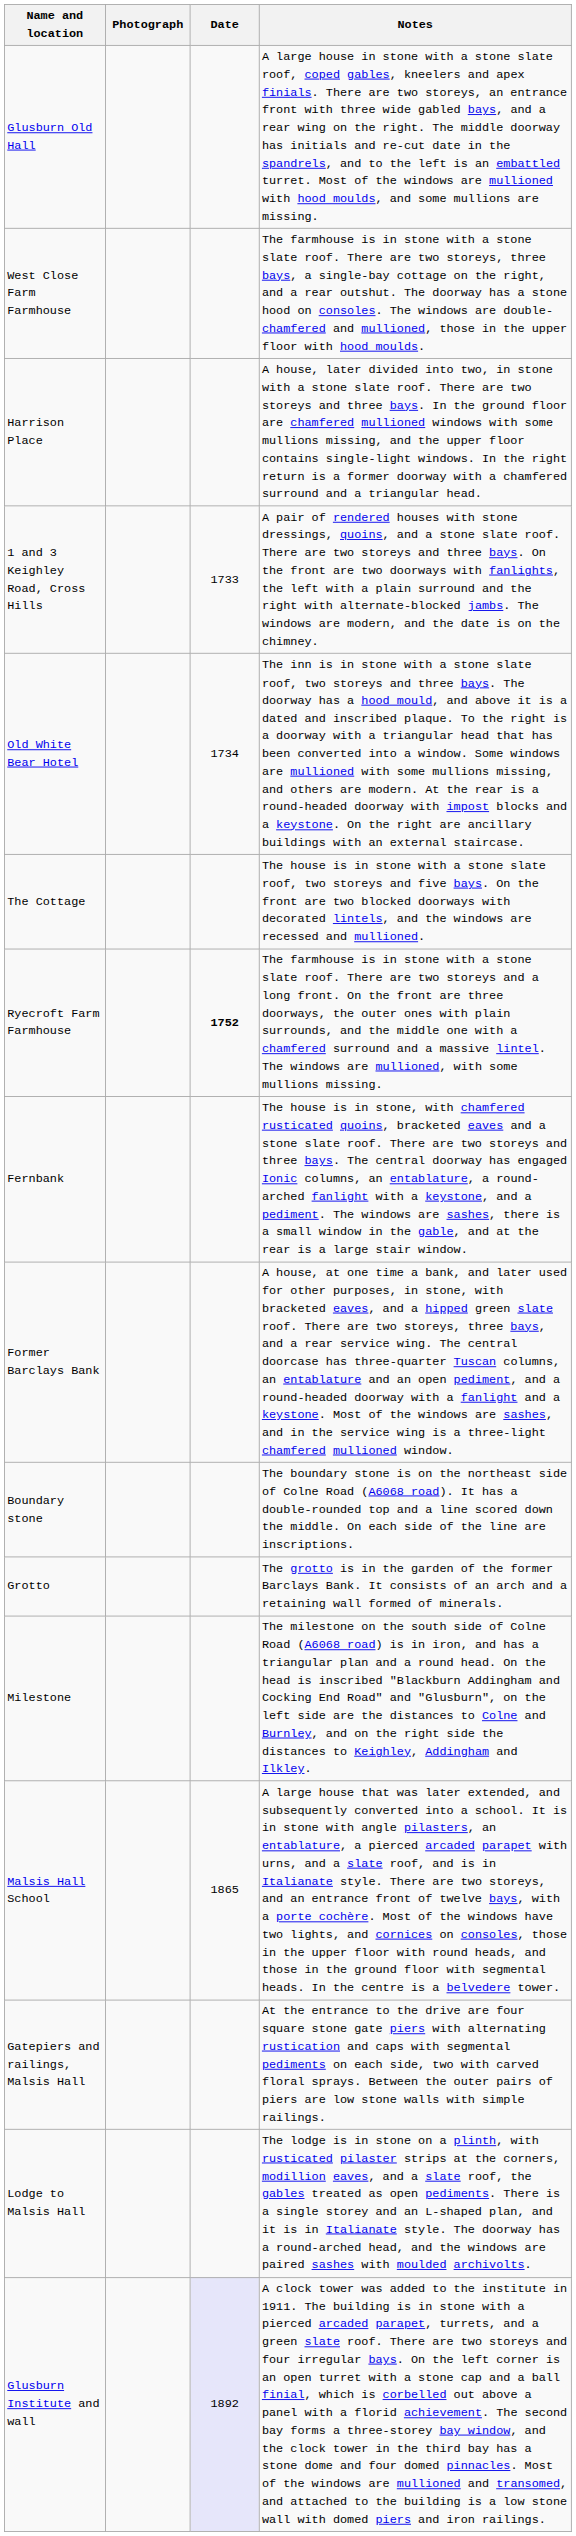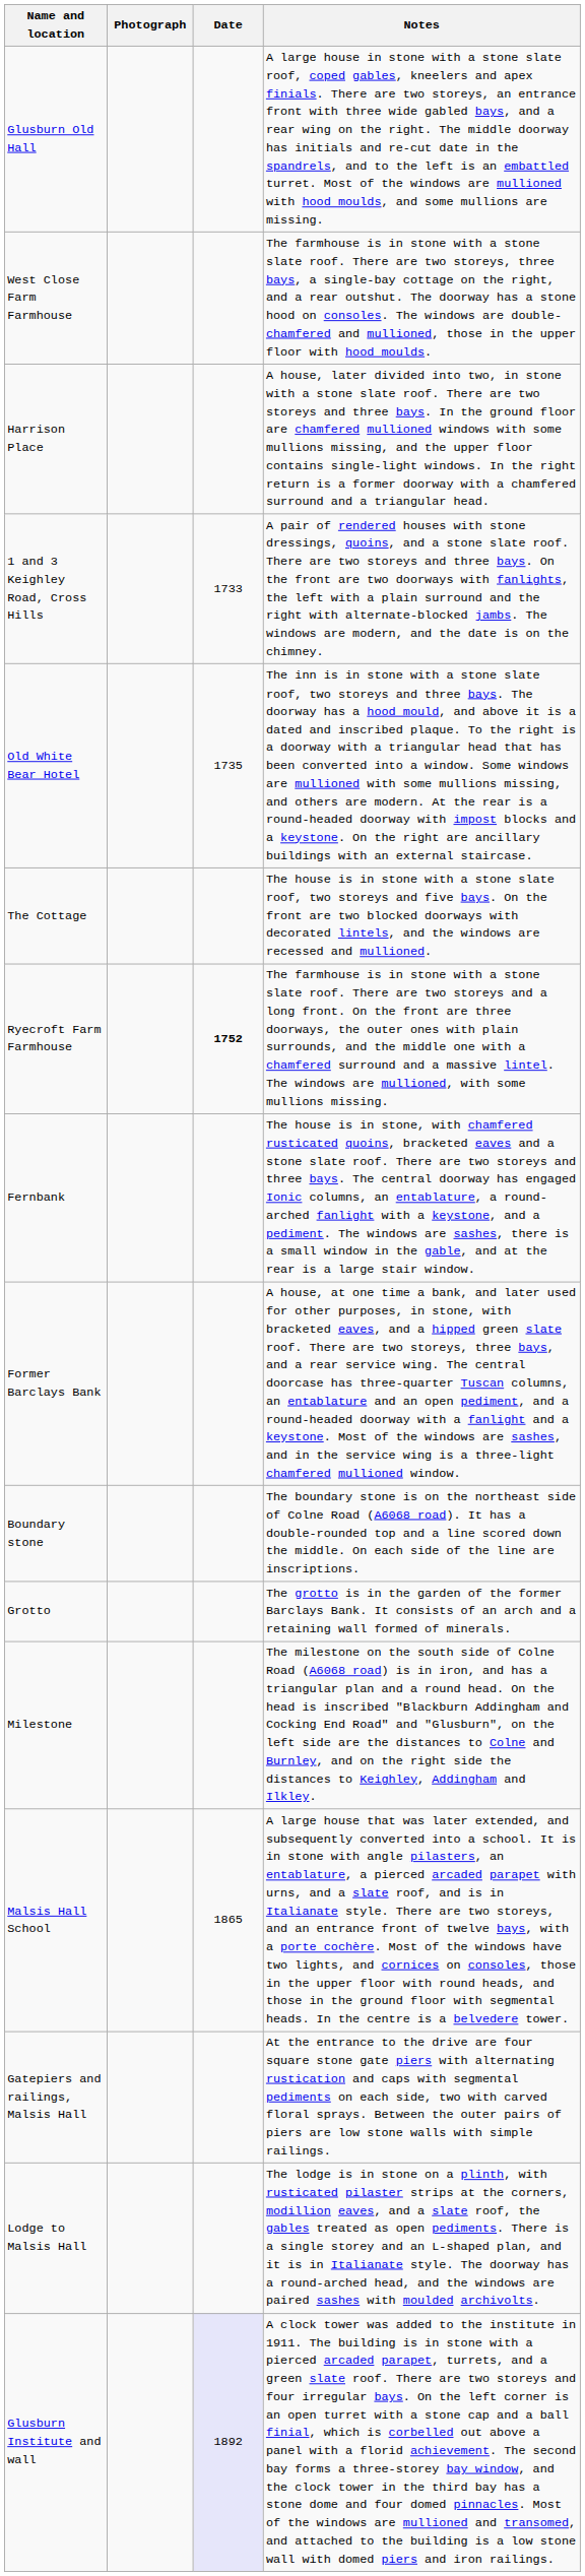 <table class="wikitable sortable plainrowheaders" style="width:100%;border:0px;text-align:left;line-height:150%;">
 <tr>
 <th scope="col"  style="width:150px">Name and location</th>
 <th scope="col"  style="width:100px" class="unsortable">Photograph</th>
 <th scope="col"  style="width:120px">Date</th>
 <th scope="col"  style="width:650px" class="unsortable">Notes</th>
 </tr>
 <tr>
 <td><a href='#'>Glusburn Old Hall</a><br><small></small></td>
 <td></td>
 <td align="center"></td>
 <td>A large house in stone with a stone slate roof, <a href='#'>coped</a> <a href='#'>gables</a>, kneelers and apex <a href='#'>finials</a>.  There are two storeys, an entrance front with three wide gabled <a href='#'>bays</a>, and a rear wing on the right.  The middle doorway has initials and re-cut date in the <a href='#'>spandrels</a>, and to the left is an <a href='#'>embattled</a> turret.  Most of the windows are <a href='#'>mullioned</a> with <a href='#'>hood moulds</a>, and some mullions are missing.</td>
 </tr>
 <tr>
 <td>West Close Farm Farmhouse<br><small></small></td>
 <td></td>
 <td align="center"></td>
 <td>The farmhouse is in stone with a stone slate roof.  There are two storeys, three <a href='#'>bays</a>, a single-bay cottage on the right, and a rear outshut.  The doorway has a stone hood on <a href='#'>consoles</a>.  The windows are double-<a href='#'>chamfered</a> and <a href='#'>mullioned</a>, those in the upper floor with <a href='#'>hood moulds</a>.</td>
 </tr>
 <tr>
 <td>Harrison Place<br><small></small></td>
 <td></td>
 <td align="center"></td>
 <td>A house, later divided into two, in stone with a stone slate roof.  There are two storeys and three <a href='#'>bays</a>.  In the ground floor are <a href='#'>chamfered</a> <a href='#'>mullioned</a> windows with some mullions missing, and the upper floor contains single-light windows.  In the right return is a former doorway with a chamfered surround and a triangular head.</td>
 </tr>
 <tr>
 <td>1 and 3 Keighley Road, Cross Hills<br><small></small></td>
 <td></td>
 <td align="center">1733</td>
 <td>A pair of <a href='#'>rendered</a> houses with stone dressings, <a href='#'>quoins</a>, and a stone slate roof.  There are two storeys and three <a href='#'>bays</a>.  On the front are two doorways with <a href='#'>fanlights</a>, the left with a plain surround and the right with alternate-blocked <a href='#'>jambs</a>.  The windows are modern, and the date is on the chimney.</td>
 </tr>
 <tr>
 <td><a href='#'>Old White Bear Hotel</a><br><small></small></td>
 <td></td>
-<td align="center">1734</td>
+<td align="center">1735</td>
 <td>The inn is in stone with a stone slate roof, two storeys and three <a href='#'>bays</a>.  The doorway has a <a href='#'>hood mould</a>, and above it is a dated and inscribed plaque.  To the right is a doorway with a triangular head that has been converted into a window.  Some windows are <a href='#'>mullioned</a> with some mullions missing, and others are modern.  At the rear is a round-headed doorway with <a href='#'>impost</a> blocks and a <a href='#'>keystone</a>.  On the right are ancillary buildings with an external staircase.</td>
 </tr>
 <tr>
 <td>The Cottage<br><small></small></td>
 <td></td>
 <td align="center"></td>
 <td>The house is in stone with a stone slate roof, two storeys and five <a href='#'>bays</a>.  On the front are two blocked doorways with decorated <a href='#'>lintels</a>, and the windows are recessed and <a href='#'>mullioned</a>.</td>
 </tr>
 <tr>
 <td>Ryecroft Farm Farmhouse<br><small></small></td>
 <td></td>
 <td align="center"><strong>1752</strong></td>
 <td>The farmhouse is in stone with a stone slate roof.  There are two storeys and a long front.  On the front are three doorways, the outer ones with plain surrounds, and the middle one with a <a href='#'>chamfered</a> surround and a massive <a href='#'>lintel</a>.  The windows are <a href='#'>mullioned</a>, with some mullions missing.</td>
 </tr>
 <tr>
 <td>Fernbank<br><small></small></td>
 <td></td>
 <td align="center"></td>
 <td>The house is in stone, with <a href='#'>chamfered</a> <a href='#'>rusticated</a> <a href='#'>quoins</a>, bracketed <a href='#'>eaves</a> and a stone slate roof.  There are two storeys and three <a href='#'>bays</a>.  The central doorway has engaged <a href='#'>Ionic</a> columns, an <a href='#'>entablature</a>, a round-arched <a href='#'>fanlight</a> with a <a href='#'>keystone</a>, and a <a href='#'>pediment</a>.  The windows are <a href='#'>sashes</a>, there is a small window in the <a href='#'>gable</a>, and at the rear is a large stair window.</td>
 </tr>
 <tr>
 <td>Former Barclays Bank<br><small></small></td>
 <td></td>
 <td align="center"></td>
 <td>A house, at one time a bank, and later used for other purposes, in stone, with bracketed <a href='#'>eaves</a>, and a <a href='#'>hipped</a> green <a href='#'>slate</a> roof.  There are two storeys, three <a href='#'>bays</a>, and a rear service wing.  The central doorcase has three-quarter <a href='#'>Tuscan</a> columns, an <a href='#'>entablature</a> and an open <a href='#'>pediment</a>, and a round-headed doorway with a <a href='#'>fanlight</a> and a <a href='#'>keystone</a>.  Most of the windows are <a href='#'>sashes</a>, and in the service wing is a three-light <a href='#'>chamfered</a> <a href='#'>mullioned</a> window.</td>
 </tr>
 <tr>
 <td>Boundary stone<br><small></small></td>
 <td></td>
 <td align="center"></td>
 <td>The boundary stone is on the northeast side of Colne Road (<a href='#'>A6068 road</a>).  It has a double-rounded top and a line scored down the middle.  On each side of the line are inscriptions.</td>
 </tr>
 <tr>
 <td>Grotto<br><small></small></td>
 <td></td>
 <td align="center"></td>
 <td>The <a href='#'>grotto</a> is in the garden of the former Barclays Bank.  It consists of an arch and a retaining wall formed of minerals.</td>
 </tr>
 <tr>
 <td>Milestone<br><small></small></td>
 <td></td>
 <td align="center"></td>
 <td>The milestone on the south side of Colne Road (<a href='#'>A6068 road</a>) is in iron, and has a triangular plan and a round head.  On the head is inscribed "Blackburn Addingham and Cocking End Road" and "Glusburn", on the left side are the distances to <a href='#'>Colne</a> and <a href='#'>Burnley</a>, and on the right side the distances to <a href='#'>Keighley</a>, <a href='#'>Addingham</a> and <a href='#'>Ilkley</a>.</td>
 </tr>
 <tr>
 <td><a href='#'>Malsis Hall</a> School<br><small></small></td>
 <td></td>
 <td align="center">1865</td>
 <td>A large house that was later extended, and subsequently converted into a school.  It is in stone with angle <a href='#'>pilasters</a>, an <a href='#'>entablature</a>, a pierced <a href='#'>arcaded</a> <a href='#'>parapet</a> with urns, and a <a href='#'>slate</a> roof, and is in <a href='#'>Italianate</a> style.  There are two storeys, and an entrance front of twelve <a href='#'>bays</a>, with a <a href='#'>porte cochère</a>.  Most of the windows have two lights, and <a href='#'>cornices</a> on <a href='#'>consoles</a>, those in the upper floor with round heads, and those in the ground floor with segmental heads.  In the centre is a <a href='#'>belvedere</a> tower.</td>
 </tr>
 <tr>
 <td>Gatepiers and railings, Malsis Hall<br><small></small></td>
 <td></td>
 <td align="center"></td>
 <td>At the entrance to the drive are four square stone gate <a href='#'>piers</a> with alternating <a href='#'>rustication</a> and caps with segmental <a href='#'>pediments</a> on each side, two with carved floral sprays.  Between the outer pairs of piers are low stone walls with simple railings.</td>
 </tr>
 <tr>
 <td>Lodge to Malsis Hall<br><small></small></td>
 <td></td>
 <td align="center"></td>
 <td>The lodge is in stone on a <a href='#'>plinth</a>, with <a href='#'>rusticated</a> <a href='#'>pilaster</a> strips at the corners, <a href='#'>modillion</a> <a href='#'>eaves</a>, and a <a href='#'>slate</a> roof, the <a href='#'>gables</a> treated as open <a href='#'>pediments</a>.  There is a single storey and an L-shaped plan, and it is in <a href='#'>Italianate</a> style.  The doorway has a round-arched head, and the windows are paired <a href='#'>sashes</a> with <a href='#'>moulded</a> <a href='#'>archivolts</a>.</td>
 </tr>
 <tr>
 <td><a href='#'>Glusburn Institute</a> and wall<br><small></small></td>
 <td></td>
 <td align="center" style="background: lavender;">1892</td>
 <td>A clock tower was added to the institute in 1911. The building is in stone with a pierced <a href='#'>arcaded</a> <a href='#'>parapet</a>, turrets, and a green <a href='#'>slate</a> roof.  There are two storeys and four irregular <a href='#'>bays</a>.  On the left corner is an open turret with a stone cap and a ball <a href='#'>finial</a>, which is <a href='#'>corbelled</a> out above a panel with a florid <a href='#'>achievement</a>.  The second bay forms a three-storey <a href='#'>bay window</a>, and the clock tower in the third bay has a stone dome and four domed <a href='#'>pinnacles</a>.  Most of the windows are <a href='#'>mullioned</a> and <a href='#'>transomed</a>, and attached to the building is a low stone wall with domed <a href='#'>piers</a> and iron railings.</td>
 </tr>
 <tr>
 </tr>
 </table>
